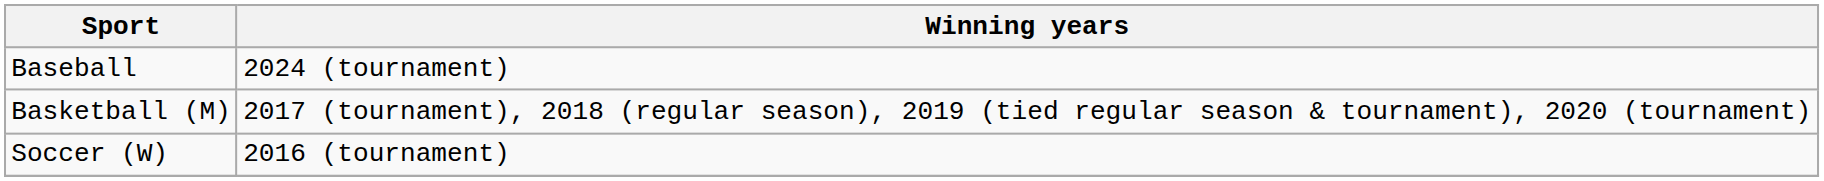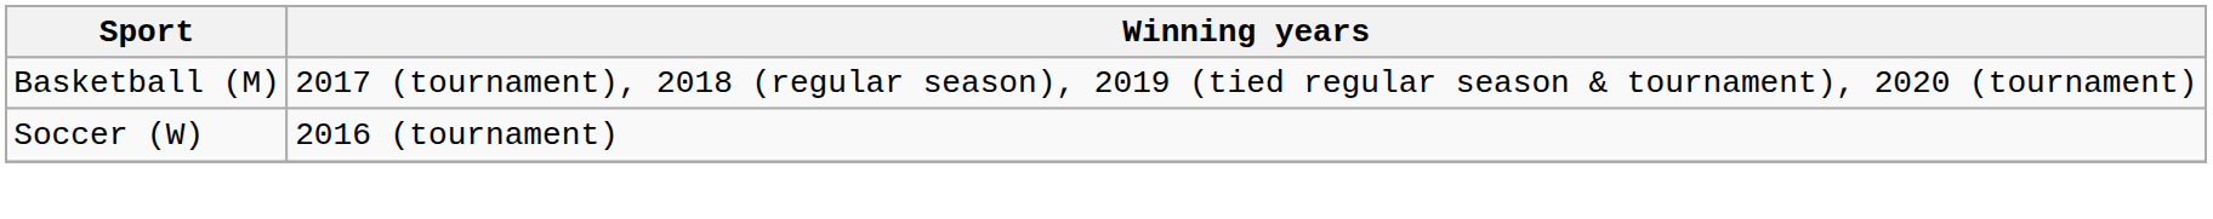 <table class="wikitable">
 <tr>
 <th width=px>Sport</th>
 <th width=px>Winning years</th>
-</tr>
-<tr>
-<td>Baseball</td>
-<td>2024 (tournament)</td>
 </tr>
 <tr>
 <td>Basketball (M)</td>
 <td>2017 (tournament), 2018 (regular season), 2019 (tied regular season & tournament), 2020 (tournament)</td>
 </tr>
 <tr>
 <td>Soccer (W)</td>
 <td>2016 (tournament)</td>
 </tr>
 <tr>
 </tr>
 </table>
